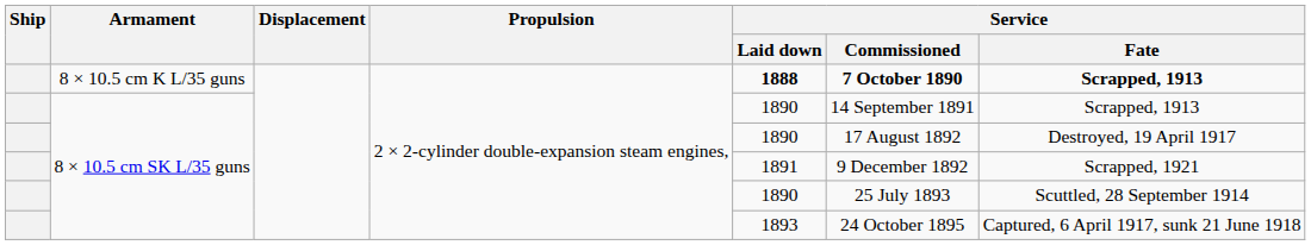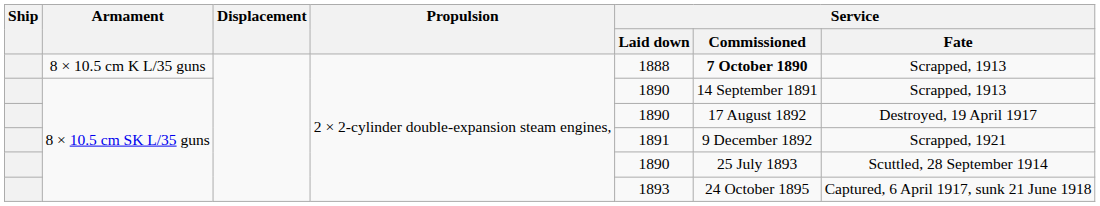 <table class="wikitable plainrowheaders" style="text-align: center;">
 <tr valign="top">
 <th scope="col" rowspan="2">Ship</th>
 <th scope="col" rowspan="2">Armament</th>
 <th scope="col" rowspan="2">Displacement</th>
 <th scope="col" rowspan="2">Propulsion</th>
 <th scope="col" colspan="3">Service</th>
 </tr>
 <tr valign="top">
 <th scope="col">Laid down</th>
 <th scope="col">Commissioned</th>
 <th scope="col">Fate</th>
 </tr>
 <tr valign="center">
 <th scope="row"></th>
 <td>8 × 10.5 cm K L/35 guns</td>
 <td rowspan="6"></td>
 <td rowspan="6">2 × 2-cylinder double-expansion steam engines, </td>
-<td><strong>1888</strong></td>
+<td>1888</td>
 <td><strong>7 October 1890</strong></td>
-<td><strong>Scrapped, 1913</strong></td>
+<td>Scrapped, 1913</td>
 </tr>
 <tr valign="center">
 <th scope="row"></th>
 <td rowspan="5">8 × <a href='#'>10.5 cm SK L/35</a> guns</td>
 <td>1890</td>
 <td>14 September 1891</td>
 <td>Scrapped, 1913</td>
 </tr>
 <tr valign="center">
 <th scope="row"></th>
 <td>1890</td>
 <td>17 August 1892</td>
 <td>Destroyed, 19 April 1917</td>
 </tr>
 <tr valign="center">
 <th scope="row"></th>
 <td>1891</td>
 <td>9 December 1892</td>
 <td>Scrapped, 1921</td>
 </tr>
 <tr valign="center">
 <th scope="row"></th>
 <td>1890</td>
 <td>25 July 1893</td>
 <td>Scuttled, 28 September 1914</td>
 </tr>
 <tr valign="center">
 <th scope="row"></th>
 <td>1893</td>
 <td>24 October 1895</td>
 <td>Captured, 6 April 1917, sunk 21 June 1918</td>
 </tr>
 </table>
